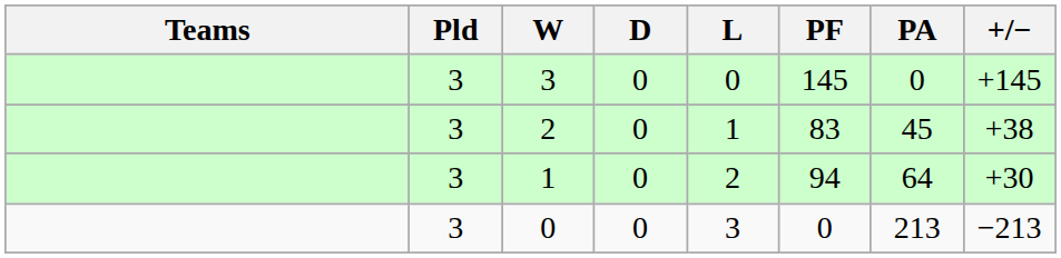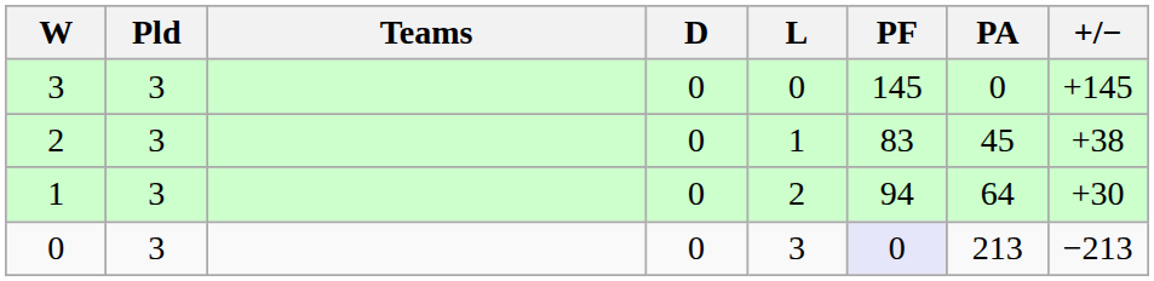 <table class="wikitable" style="text-align: center;">
 <tr>
+<th width="40">W</th>
+<th width="40">Pld</th>
 <th width="200">Teams</th>
-<th width="40">Pld</th>
-<th width="40">W</th>
 <th width="40">D</th>
 <th width="40">L</th>
 <th width="40">PF</th>
 <th width="40">PA</th>
 <th width="40">+/−</th>
 </tr>
 <tr bgcolor=ccffcc>
-<td align=left></td>
 <td>3</td>
 <td>3</td>
+<td align=left></td>
 <td>0</td>
 <td>0</td>
 <td>145</td>
 <td>0</td>
 <td>+145</td>
 </tr>
 <tr bgcolor=ccffcc>
+<td>2</td>
+<td>3</td>
 <td align=left></td>
-<td>3</td>
-<td>2</td>
 <td>0</td>
 <td>1</td>
 <td>83</td>
 <td>45</td>
 <td>+38</td>
 </tr>
 <tr bgcolor=ccffcc>
+<td>1</td>
+<td>3</td>
 <td align=left></td>
-<td>3</td>
-<td>1</td>
 <td>0</td>
 <td>2</td>
 <td>94</td>
 <td>64</td>
 <td>+30</td>
 </tr>
 <tr>
-<td align=left></td>
-<td>3</td>
-<td>0</td>
 <td>0</td>
 <td>3</td>
+<td align=left></td>
 <td>0</td>
+<td>3</td>
+<td style="background: lavender;">0</td>
 <td>213</td>
 <td>−213</td>
 </tr>
 </table>
